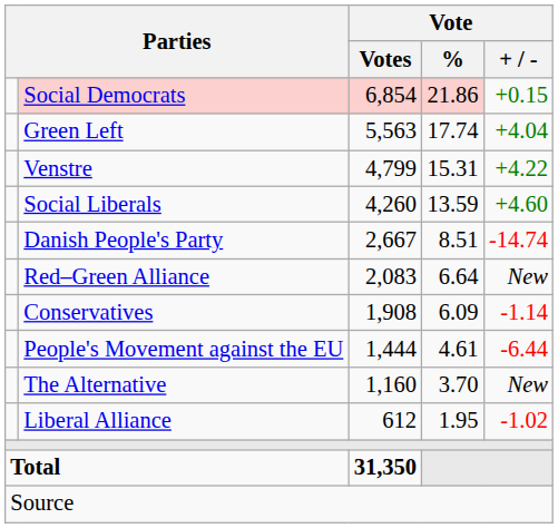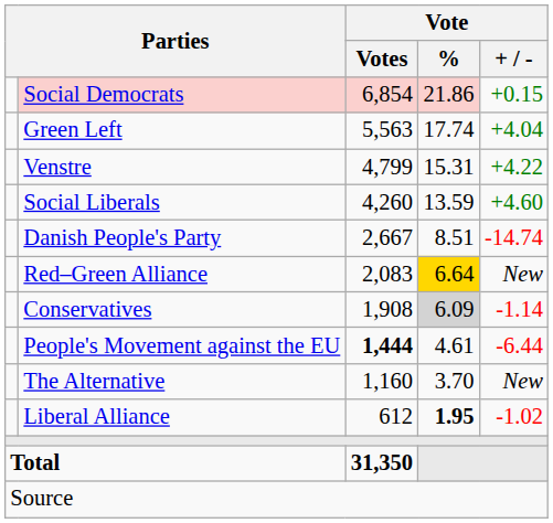 <table class="wikitable" style="text-align:right;">
 <tr>
 <th style="text-align:centre;" rowspan="2" colspan="2" width="225">Parties</th>
 <th colspan="3">Vote</th>
 </tr>
 <tr>
 <th width="15">Votes</th>
 <th width="15">%</th>
 <th width="15">+ / -</th>
 </tr>
 <tr>
 <td width="2" style="color:inherit;background:"></td>
 <td bgcolor=#fbd0ce   align="left"><a href='#'>Social Democrats</a></td>
 <td bgcolor=#fbd0ce>6,854</td>
 <td bgcolor=#fbd0ce>21.86</td>
 <td style=color:green;>+0.15</td>
 </tr>
 <tr>
 <td width="2" style="color:inherit;background:"></td>
 <td align="left"><a href='#'>Green Left</a></td>
 <td>5,563</td>
 <td>17.74</td>
 <td style=color:green;>+4.04</td>
 </tr>
 <tr>
 <td width="2" style="color:inherit;background:"></td>
 <td align="left"><a href='#'>Venstre</a></td>
 <td>4,799</td>
 <td>15.31</td>
 <td style=color:green;>+4.22</td>
 </tr>
 <tr>
 <td width="2" style="color:inherit;background:"></td>
 <td align="left"><a href='#'>Social Liberals</a></td>
 <td>4,260</td>
 <td>13.59</td>
 <td style=color:green;>+4.60</td>
 </tr>
 <tr>
 <td width="2" style="color:inherit;background:"></td>
 <td align="left"><a href='#'>Danish People's Party</a></td>
 <td>2,667</td>
 <td>8.51</td>
 <td style=color:red;>-14.74</td>
 </tr>
 <tr>
 <td width="2" style="color:inherit;background:"></td>
 <td align="left"><a href='#'>Red–Green Alliance</a></td>
 <td>2,083</td>
-<td>6.64</td>
+<td style="background: gold;">6.64</td>
 <td><em>New</em></td>
 </tr>
 <tr>
 <td width="2" style="color:inherit;background:"></td>
 <td align="left"><a href='#'>Conservatives</a></td>
 <td>1,908</td>
-<td>6.09</td>
+<td style="background: lightgrey;">6.09</td>
 <td style=color:red;>-1.14</td>
 </tr>
 <tr>
 <td width="2" style="color:inherit;background:"></td>
 <td align="left"><a href='#'>People's Movement against the EU</a></td>
-<td>1,444</td>
+<td><strong>1,444</strong></td>
 <td>4.61</td>
 <td style=color:red;>-6.44</td>
 </tr>
 <tr>
 <td width="2" style="color:inherit;background:"></td>
 <td align="left"><a href='#'>The Alternative</a></td>
 <td>1,160</td>
 <td>3.70</td>
 <td><em>New</em></td>
 </tr>
 <tr>
 <td width="2" style="color:inherit;background:"></td>
 <td align="left"><a href='#'>Liberal Alliance</a></td>
 <td>612</td>
-<td>1.95</td>
+<td><strong>1.95</strong></td>
 <td style=color:red;>-1.02</td>
 </tr>
 <tr>
 <td colspan="7" bgcolor="#E9E9E9"></td>
 </tr>
 <tr>
 <td align="left" colspan="2"><strong>Total</strong></td>
 <td><strong>31,350</strong></td>
 <td bgcolor="#E9E9E9" colspan="2"></td>
 </tr>
 <tr>
 <td align="left" colspan="6">Source</td>
 </tr>
 </table>
